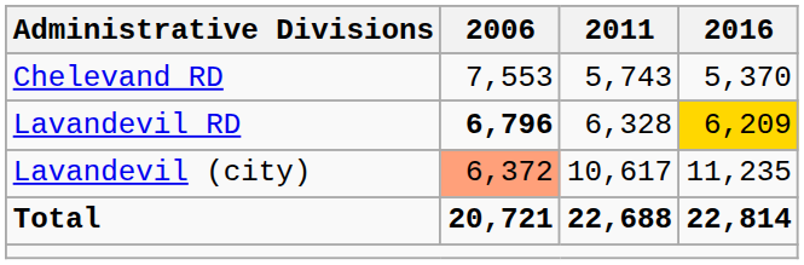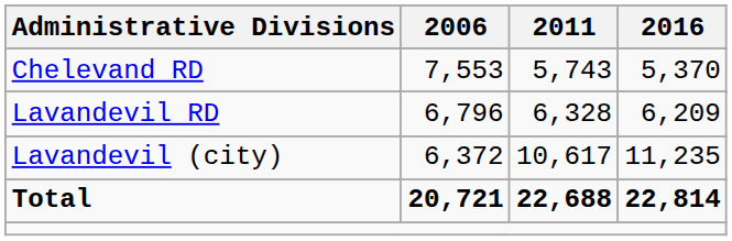 <table class="wikitable">
 <tr>
 <th>Administrative Divisions</th>
 <th>2006</th>
 <th>2011</th>
 <th>2016</th>
 </tr>
 <tr>
 <td><a href='#'>Chelevand RD</a></td>
 <td style="text-align: right;">7,553</td>
 <td style="text-align: right;">5,743</td>
 <td style="text-align: right;">5,370</td>
 </tr>
 <tr>
 <td><a href='#'>Lavandevil RD</a></td>
-<td style="text-align: right;"><strong>6,796</strong></td>
+<td style="text-align: right;">6,796</td>
 <td style="text-align: right;">6,328</td>
-<td style="background: gold; text-align: right;">6,209</td>
+<td style="text-align: right;">6,209</td>
 </tr>
 <tr>
 <td><a href='#'>Lavandevil</a> (city)</td>
-<td style="background: lightsalmon; text-align: right;">6,372</td>
+<td style="text-align: right;">6,372</td>
 <td style="text-align: right;">10,617</td>
 <td style="text-align: right;">11,235</td>
 </tr>
 <tr>
 <td><strong>Total</strong></td>
 <td style="text-align: right;"><strong>20,721</strong></td>
 <td style="text-align: right;"><strong>22,688</strong></td>
 <td style="text-align: right;"><strong>22,814</strong></td>
 </tr>
 <tr>
 <td colspan=4></td>
 </tr>
 </table>
